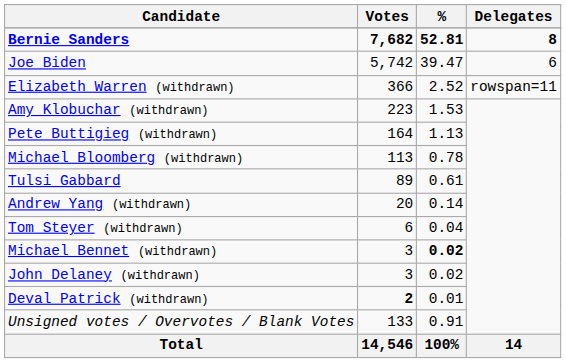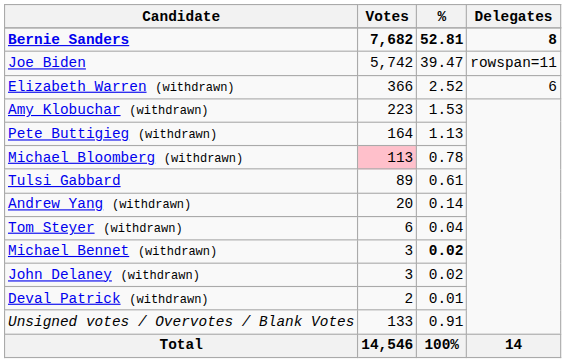 <table class="wikitable sortable" style="text-align:right;">
 <tr>
 <th>Candidate</th>
 <th>Votes</th>
 <th>%</th>
 <th>Delegates</th>
 </tr>
 <tr>
 </tr>
 <tr>
 <td style="text-align:left;" data-sort-name="Sanders, Bernie"><strong><a href='#'>Bernie Sanders</a></strong></td>
 <td><strong>7,682</strong></td>
 <td><strong>52.81</strong></td>
 <td><strong>8</strong></td>
 </tr>
 <tr>
 <td style="text-align:left;" data-sort-value="Biden, Joe"><a href='#'>Joe Biden</a></td>
 <td>5,742</td>
 <td>39.47</td>
-<td>6</td>
+<td>rowspan=11 </td>
 </tr>
 <tr>
 <td style="text-align:left;" data-sort-value="Warren, Elizabeth"><a href='#'>Elizabeth Warren</a> <small>(withdrawn)</small></td>
 <td>366</td>
 <td>2.52</td>
-<td>rowspan=11 </td>
+<td>6</td>
 </tr>
 <tr>
 <td style="text-align:left;" data-sort-value="Klobuchar, Amy"><a href='#'>Amy Klobuchar</a> <small>(withdrawn)</small></td>
 <td>223</td>
 <td>1.53</td>
 </tr>
 <tr>
 <td style="text-align:left;" data-sort-value="Buttigieg, Pete"><a href='#'>Pete Buttigieg</a> <small>(withdrawn)</small></td>
 <td>164</td>
 <td>1.13</td>
 </tr>
 <tr>
 <td style="text-align:left;" data-sort-value="Bloomberg, Michael"><a href='#'>Michael Bloomberg</a> <small>(withdrawn)</small></td>
-<td>113</td>
+<td style="background: pink;">113</td>
 <td>0.78</td>
 </tr>
 <tr>
 <td style="text-align:left;" data-sort-value="Gabbard, Tulsi"><a href='#'>Tulsi Gabbard</a></td>
 <td>89</td>
 <td>0.61</td>
 </tr>
 <tr>
 <td style="text-align:left;" data-sort-value="Yang, Andrew"><a href='#'>Andrew Yang</a> <small>(withdrawn)</small></td>
 <td>20</td>
 <td>0.14</td>
 </tr>
 <tr>
 <td style="text-align:left;" data-sort-value="Steyer, Tom"><a href='#'>Tom Steyer</a> <small>(withdrawn)</small></td>
 <td>6</td>
 <td>0.04</td>
 </tr>
 <tr>
 <td style="text-align:left;" data-sort-value="Bennet, Michael"><a href='#'>Michael Bennet</a> <small>(withdrawn)</small></td>
 <td>3</td>
 <td><strong>0.02</strong></td>
 </tr>
 <tr>
 <td style="text-align:left;" data-sort-value="Delaney, John"><a href='#'>John Delaney</a> <small>(withdrawn)</small></td>
 <td>3</td>
 <td>0.02</td>
 </tr>
 <tr>
 <td style="text-align:left;" data-sort-value="Patrick, Deval"><a href='#'>Deval Patrick</a> <small>(withdrawn)</small></td>
-<td><strong>2</strong></td>
+<td>2</td>
 <td>0.01</td>
 </tr>
 <tr>
 <td style="text-align:left;" data-sort-value="ZZ"><em>Unsigned votes / Overvotes / Blank Votes</em></td>
 <td>133</td>
 <td>0.91</td>
 </tr>
 <tr>
 <th>Total</th>
 <th>14,546</th>
 <th>100%</th>
 <th>14</th>
 </tr>
 </table>
